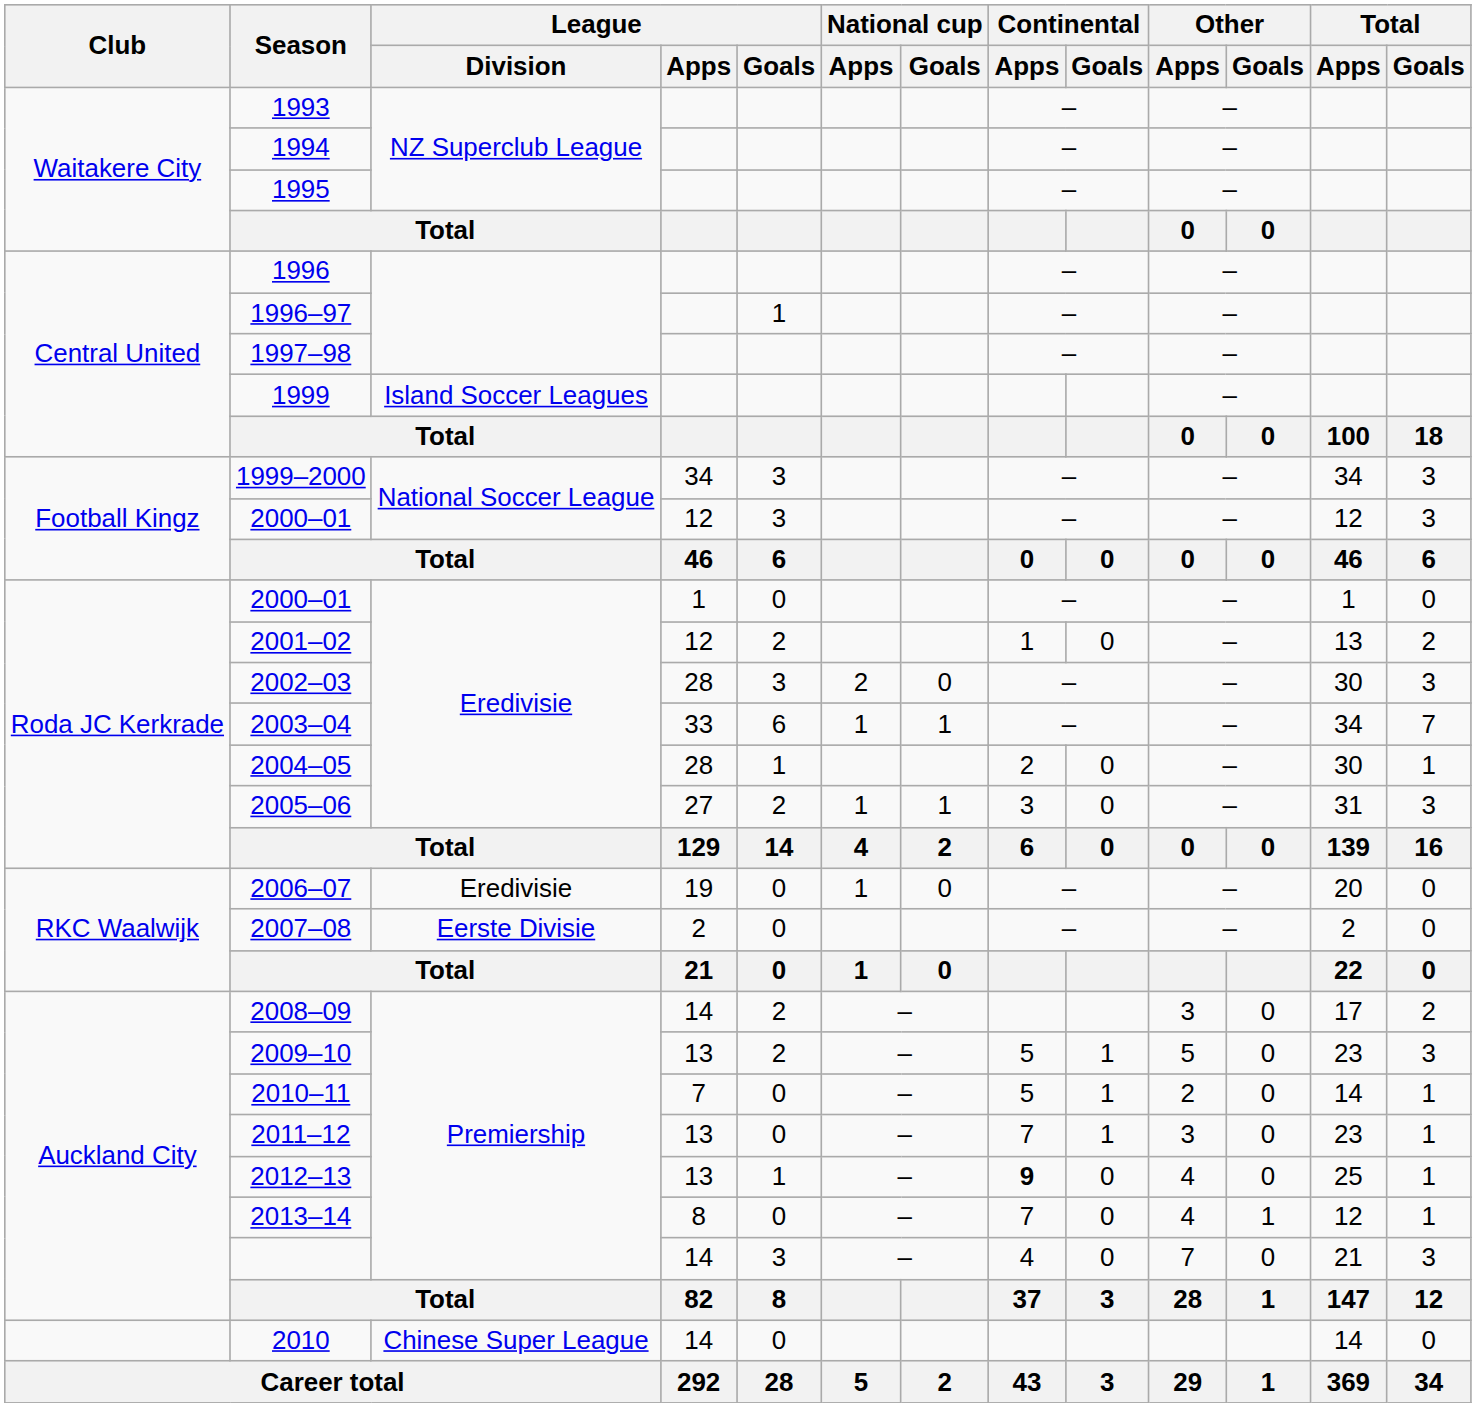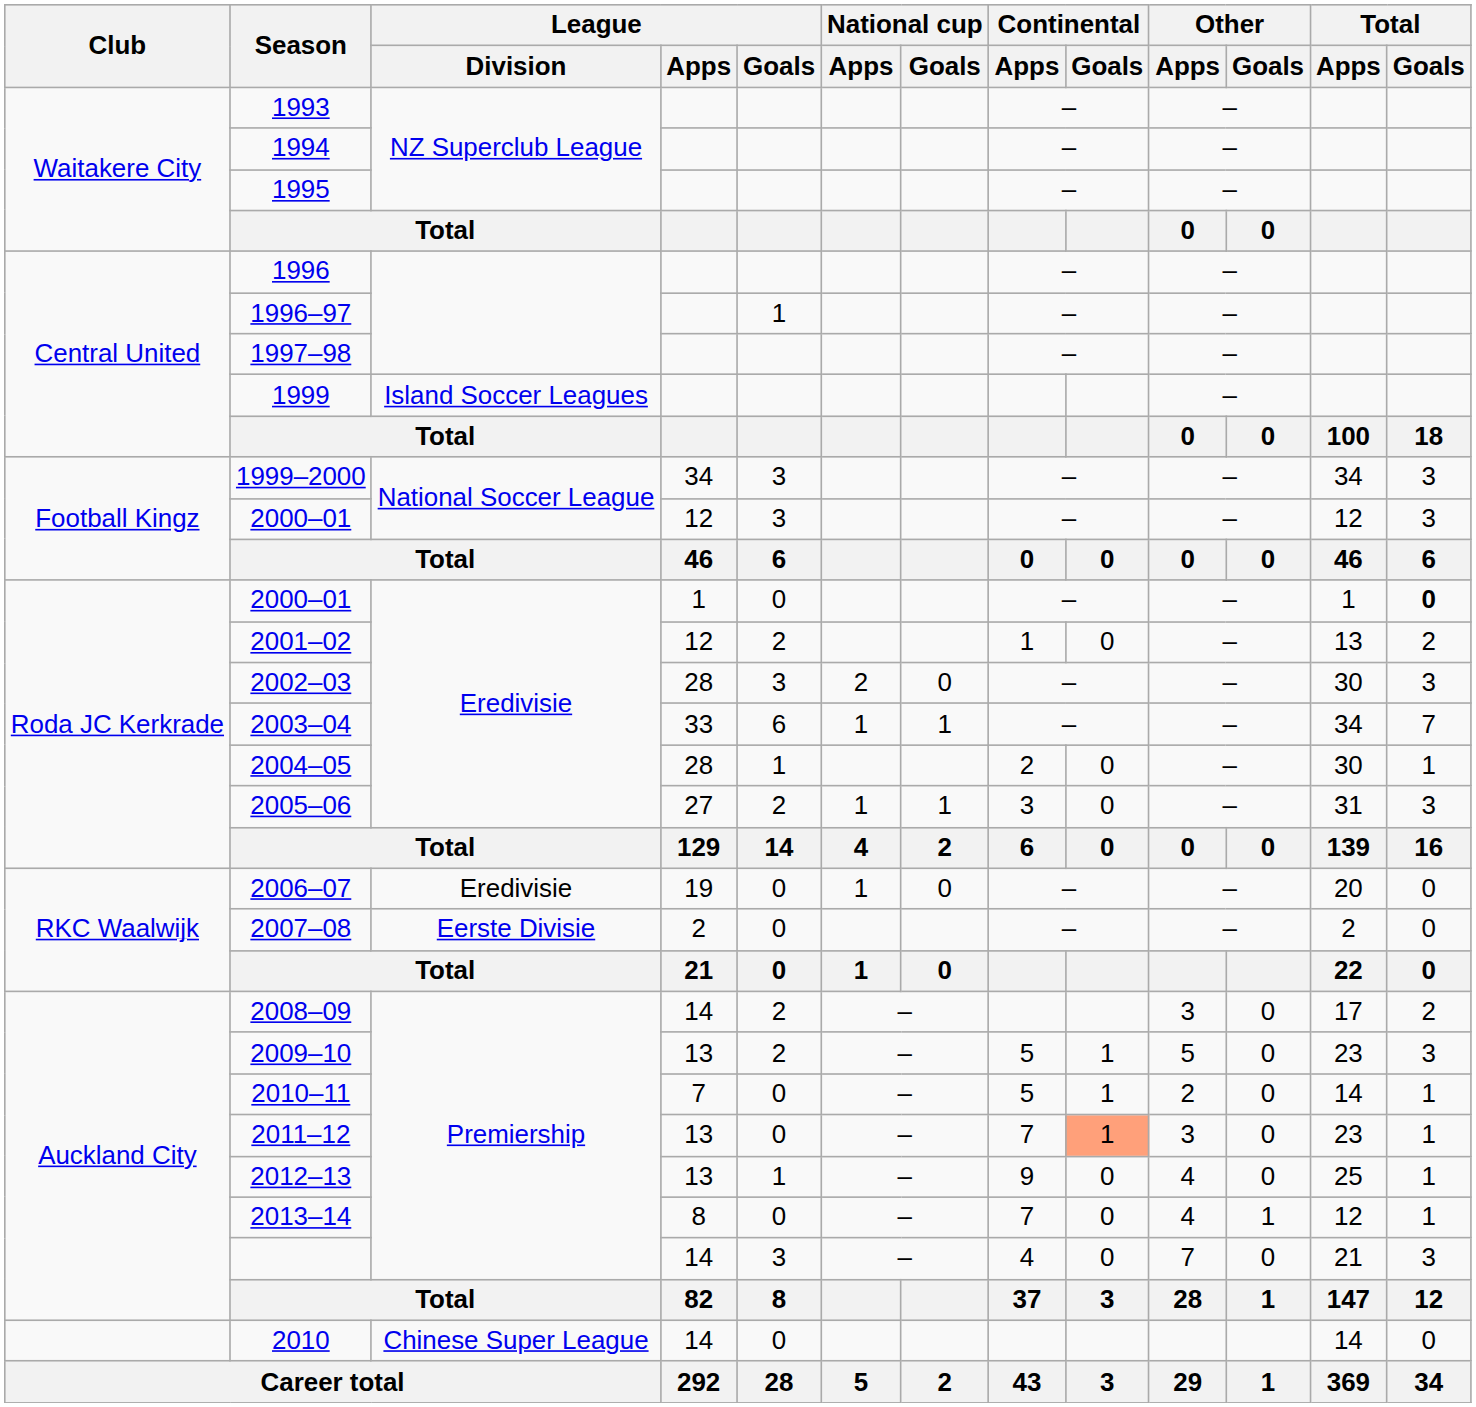 <table class="wikitable" style="text-align:center">
 <tr>
 <th rowspan="2">Club</th>
 <th rowspan="2">Season</th>
 <th colspan="3">League</th>
 <th colspan="2">National cup</th>
 <th colspan="2">Continental</th>
 <th colspan="2">Other</th>
 <th colspan="2">Total</th>
 </tr>
 <tr>
 <th>Division</th>
 <th>Apps</th>
 <th>Goals</th>
 <th>Apps</th>
 <th>Goals</th>
 <th>Apps</th>
 <th>Goals</th>
 <th>Apps</th>
 <th>Goals</th>
 <th>Apps</th>
 <th>Goals</th>
 </tr>
 <tr>
 <td rowspan=4><a href='#'>Waitakere City</a></td>
 <td><a href='#'>1993</a></td>
 <td rowspan=3><a href='#'>NZ Superclub League</a></td>
 <td></td>
 <td></td>
 <td></td>
 <td></td>
 <td colspan="2">–</td>
 <td colspan="2">–</td>
 <td></td>
 <td></td>
 </tr>
 <tr>
 <td><a href='#'>1994</a></td>
 <td></td>
 <td></td>
 <td></td>
 <td></td>
 <td colspan="2">–</td>
 <td colspan="2">–</td>
 <td></td>
 <td></td>
 </tr>
 <tr>
 <td><a href='#'>1995</a></td>
 <td></td>
 <td></td>
 <td></td>
 <td></td>
 <td colspan="2">–</td>
 <td colspan="2">–</td>
 <td></td>
 <td></td>
 </tr>
 <tr>
 <th colspan="2">Total</th>
 <th></th>
 <th></th>
 <th></th>
 <th></th>
 <th></th>
 <th></th>
 <th>0</th>
 <th>0</th>
 <th></th>
 <th></th>
 </tr>
 <tr>
 <td rowspan=5><a href='#'>Central United</a></td>
 <td><a href='#'>1996</a></td>
 <td rowspan=3></td>
 <td></td>
 <td></td>
 <td></td>
 <td></td>
 <td colspan="2">–</td>
 <td colspan="2">–</td>
 <td></td>
 <td></td>
 </tr>
 <tr>
 <td><a href='#'>1996–97</a></td>
 <td></td>
 <td>1</td>
 <td></td>
 <td></td>
 <td colspan="2">–</td>
 <td colspan="2">–</td>
 <td></td>
 <td></td>
 </tr>
 <tr>
 <td><a href='#'>1997–98</a></td>
 <td></td>
 <td></td>
 <td></td>
 <td></td>
 <td colspan="2">–</td>
 <td colspan="2">–</td>
 <td></td>
 <td></td>
 </tr>
 <tr>
 <td><a href='#'>1999</a></td>
 <td><a href='#'>Island Soccer Leagues</a></td>
 <td></td>
 <td></td>
 <td></td>
 <td></td>
 <td></td>
 <td></td>
 <td colspan="2">–</td>
 <td></td>
 <td></td>
 </tr>
 <tr>
 <th colspan="2">Total</th>
 <th></th>
 <th></th>
 <th></th>
 <th></th>
 <th></th>
 <th></th>
 <th>0</th>
 <th>0</th>
 <th>100</th>
 <th>18</th>
 </tr>
 <tr>
 <td rowspan="3"><a href='#'>Football Kingz</a></td>
 <td><a href='#'>1999–2000</a></td>
 <td rowspan=2><a href='#'>National Soccer League</a></td>
 <td>34</td>
 <td>3</td>
 <td></td>
 <td></td>
 <td colspan="2">–</td>
 <td colspan="2">–</td>
 <td>34</td>
 <td>3</td>
 </tr>
 <tr>
 <td><a href='#'>2000–01</a></td>
 <td>12</td>
 <td>3</td>
 <td></td>
 <td></td>
 <td colspan="2">–</td>
 <td colspan="2">–</td>
 <td>12</td>
 <td>3</td>
 </tr>
 <tr>
 <th colspan="2">Total</th>
 <th>46</th>
 <th>6</th>
 <th></th>
 <th></th>
 <th>0</th>
 <th>0</th>
 <th>0</th>
 <th>0</th>
 <th>46</th>
 <th>6</th>
 </tr>
 <tr>
 <td rowspan="7"><a href='#'>Roda JC Kerkrade</a></td>
 <td><a href='#'>2000–01</a></td>
 <td rowspan=6><a href='#'>Eredivisie</a></td>
 <td>1</td>
 <td>0</td>
 <td></td>
 <td></td>
 <td colspan="2">–</td>
 <td colspan="2">–</td>
 <td>1</td>
-<td>0</td>
+<td><strong>0</strong></td>
 </tr>
 <tr>
 <td><a href='#'>2001–02</a></td>
 <td>12</td>
 <td>2</td>
 <td></td>
 <td></td>
 <td>1</td>
 <td>0</td>
 <td colspan="2">–</td>
 <td>13</td>
 <td>2</td>
 </tr>
 <tr>
 <td><a href='#'>2002–03</a></td>
 <td>28</td>
 <td>3</td>
 <td>2</td>
 <td>0</td>
 <td colspan="2">–</td>
 <td colspan="2">–</td>
 <td>30</td>
 <td>3</td>
 </tr>
 <tr>
 <td><a href='#'>2003–04</a></td>
 <td>33</td>
 <td>6</td>
 <td>1</td>
 <td>1</td>
 <td colspan="2">–</td>
 <td colspan="2">–</td>
 <td>34</td>
 <td>7</td>
 </tr>
 <tr>
 <td><a href='#'>2004–05</a></td>
 <td>28</td>
 <td>1</td>
 <td></td>
 <td></td>
 <td>2</td>
 <td>0</td>
 <td colspan="2">–</td>
 <td>30</td>
 <td>1</td>
 </tr>
 <tr>
 <td><a href='#'>2005–06</a></td>
 <td>27</td>
 <td>2</td>
 <td>1</td>
 <td>1</td>
 <td>3</td>
 <td>0</td>
 <td colspan="2">–</td>
 <td>31</td>
 <td>3</td>
 </tr>
 <tr>
 <th colspan="2">Total</th>
 <th>129</th>
 <th>14</th>
 <th>4</th>
 <th>2</th>
 <th>6</th>
 <th>0</th>
 <th>0</th>
 <th>0</th>
 <th>139</th>
 <th>16</th>
 </tr>
 <tr>
 <td rowspan="3"><a href='#'>RKC Waalwijk</a></td>
 <td><a href='#'>2006–07</a></td>
 <td>Eredivisie</td>
 <td>19</td>
 <td>0</td>
 <td>1</td>
 <td>0</td>
 <td colspan="2">–</td>
 <td colspan="2">–</td>
 <td>20</td>
 <td>0</td>
 </tr>
 <tr>
 <td><a href='#'>2007–08</a></td>
 <td><a href='#'>Eerste Divisie</a></td>
 <td>2</td>
 <td>0</td>
 <td></td>
 <td></td>
 <td colspan="2">–</td>
 <td colspan="2">–</td>
 <td>2</td>
 <td>0</td>
 </tr>
 <tr>
 <th colspan="2">Total</th>
 <th>21</th>
 <th>0</th>
 <th>1</th>
 <th>0</th>
 <th></th>
 <th></th>
 <th></th>
 <th></th>
 <th>22</th>
 <th>0</th>
 </tr>
 <tr>
 <td rowspan="8"><a href='#'>Auckland City</a></td>
 <td><a href='#'>2008–09</a></td>
 <td rowspan=7><a href='#'>Premiership</a></td>
 <td>14</td>
 <td>2</td>
 <td colspan="2">–</td>
 <td></td>
 <td></td>
 <td>3</td>
 <td>0</td>
 <td>17</td>
 <td>2</td>
 </tr>
 <tr>
 <td><a href='#'>2009–10</a></td>
 <td>13</td>
 <td>2</td>
 <td colspan="2">–</td>
 <td>5</td>
 <td>1</td>
 <td>5</td>
 <td>0</td>
 <td>23</td>
 <td>3</td>
 </tr>
 <tr>
 <td><a href='#'>2010–11</a></td>
 <td>7</td>
 <td>0</td>
 <td colspan="2">–</td>
 <td>5</td>
 <td>1</td>
 <td>2</td>
 <td>0</td>
 <td>14</td>
 <td>1</td>
 </tr>
 <tr>
 <td><a href='#'>2011–12</a></td>
 <td>13</td>
 <td>0</td>
 <td colspan="2">–</td>
 <td>7</td>
-<td>1</td>
+<td style="background: lightsalmon;">1</td>
 <td>3</td>
 <td>0</td>
 <td>23</td>
 <td>1</td>
 </tr>
 <tr>
 <td><a href='#'>2012–13</a></td>
 <td>13</td>
 <td>1</td>
 <td colspan="2">–</td>
-<td><strong>9</strong></td>
+<td>9</td>
 <td>0</td>
 <td>4</td>
 <td>0</td>
 <td>25</td>
 <td>1</td>
 </tr>
 <tr>
 <td><a href='#'>2013–14</a></td>
 <td>8</td>
 <td>0</td>
 <td colspan="2">–</td>
 <td>7</td>
 <td>0</td>
 <td>4</td>
 <td>1</td>
 <td>12</td>
 <td>1</td>
 </tr>
 <tr>
 <td></td>
 <td>14</td>
 <td>3</td>
 <td colspan="2">–</td>
 <td>4</td>
 <td>0</td>
 <td>7</td>
 <td>0</td>
 <td>21</td>
 <td>3</td>
 </tr>
 <tr>
 <th colspan="2">Total</th>
 <th>82</th>
 <th>8</th>
 <th></th>
 <th></th>
 <th>37</th>
 <th>3</th>
 <th>28</th>
 <th>1</th>
 <th>147</th>
 <th>12</th>
 </tr>
 <tr>
 <td></td>
 <td><a href='#'>2010</a></td>
 <td><a href='#'>Chinese Super League</a></td>
 <td>14</td>
 <td>0</td>
 <td></td>
 <td></td>
 <td></td>
 <td></td>
 <td></td>
 <td></td>
 <td>14</td>
 <td>0</td>
 </tr>
 <tr>
 <th colspan="3">Career total</th>
 <th>292</th>
 <th>28</th>
 <th>5</th>
 <th>2</th>
 <th>43</th>
 <th>3</th>
 <th>29</th>
 <th>1</th>
 <th>369</th>
 <th>34</th>
 </tr>
 </table>
